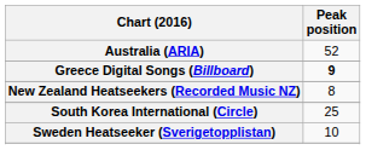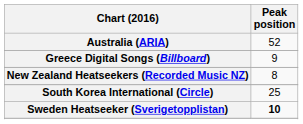 <table class="wikitable sortable plainrowheaders" style="text-align:center">
 <tr>
 <th scope="col">Chart (2016)</th>
 <th scope="col">Peak<br> position</th>
 </tr>
 <tr>
 <th scope="row">Australia (<a href='#'>ARIA</a>)</th>
 <td>52</td>
 </tr>
 <tr>
 </tr>
 <tr>
 </tr>
 <tr>
 </tr>
 <tr>
 <th scope="row">Greece Digital Songs (<em><a href='#'>Billboard</a></em>)</th>
-<td><strong>9</strong></td>
+<td>9</td>
 </tr>
 <tr>
 </tr>
 <tr>
 </tr>
 <tr>
 </tr>
 <tr>
 <th scope="row">New Zealand Heatseekers (<a href='#'>Recorded Music NZ</a>)</th>
 <td>8</td>
 </tr>
 <tr>
 </tr>
 <tr>
 </tr>
 <tr>
 </tr>
 <tr>
 <th scope="row">South Korea International (<a href='#'>Circle</a>)</th>
 <td>25</td>
 </tr>
 <tr>
 <th scope="row">Sweden Heatseeker (<a href='#'>Sverigetopplistan</a>)</th>
-<td>10</td>
+<td><strong>10</strong></td>
 </tr>
 <tr>
 </tr>
 <tr>
 </tr>
 </table>
